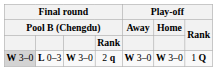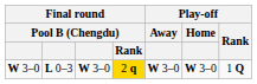 <table class="wikitable" style="font-size:100%;">
 <tr>
 <th colspan=4>Final round</th>
 <th colspan=3>Play-off</th>
 </tr>
 <tr>
 <th colspan=4>Pool B (Chengdu)</th>
 <th>Away</th>
 <th>Home</th>
 <th rowspan=2>Rank</th>
 </tr>
 <tr>
 <th></th>
 <th></th>
 <th></th>
 <th>Rank</th>
 <th></th>
 <th></th>
 </tr>
 <tr align=center>
-<td style="background: lightgrey;"><strong>W</strong> 3–0</td>
+<td><strong>W</strong> 3–0</td>
 <td><strong>L</strong> 0–3</td>
 <td><strong>W</strong> 3–0</td>
-<td>2 <strong>q</strong></td>
+<td style="background: gold;">2 <strong>q</strong></td>
 <td><strong>W</strong> 3–0</td>
 <td><strong>W</strong> 3–0</td>
 <td>1 <strong>Q</strong></td>
 </tr>
 </table>
